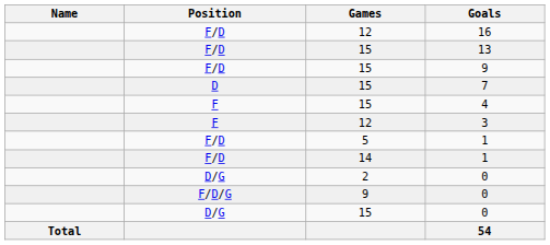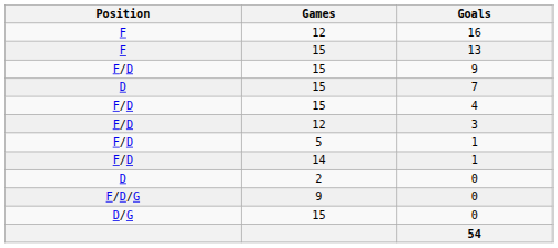 <table class="wikitable sortable" width ="40%">
 <tr align="center">
-<th><strong>Name</strong></th>
 <th><strong>Position</strong></th>
 <th><strong>Games</strong></th>
 <th><strong>Goals</strong></th>
 </tr>
 <tr align="center" bgcolor="">
-<td></td>
-<td><a href='#'>F</a>/<a href='#'>D</a></td>
+<td><a href='#'>F</a></td>
 <td>12</td>
 <td>16</td>
 </tr>
 <tr align="center" bgcolor="f0f0f0">
-<td></td>
-<td><a href='#'>F</a>/<a href='#'>D</a></td>
+<td><a href='#'>F</a></td>
 <td>15</td>
 <td>13</td>
 </tr>
 <tr align="center" bgcolor="">
-<td></td>
 <td><a href='#'>F</a>/<a href='#'>D</a></td>
 <td>15</td>
 <td>9</td>
 </tr>
 <tr align="center" bgcolor="f0f0f0">
-<td></td>
 <td><a href='#'>D</a></td>
 <td>15</td>
 <td>7</td>
 </tr>
 <tr align="center" bgcolor="">
-<td></td>
-<td><a href='#'>F</a></td>
+<td><a href='#'>F</a>/<a href='#'>D</a></td>
 <td>15</td>
 <td>4</td>
 </tr>
 <tr align="center" bgcolor="f0f0f0">
-<td></td>
-<td><a href='#'>F</a></td>
+<td><a href='#'>F</a>/<a href='#'>D</a></td>
 <td>12</td>
 <td>3</td>
 </tr>
 <tr align="center" bgcolor="">
-<td></td>
 <td><a href='#'>F</a>/<a href='#'>D</a></td>
 <td>5</td>
 <td>1</td>
 </tr>
 <tr align="center" bgcolor="f0f0f0">
-<td></td>
 <td><a href='#'>F</a>/<a href='#'>D</a></td>
 <td>14</td>
 <td>1</td>
 </tr>
 <tr align="center" bgcolor="">
-<td></td>
-<td><a href='#'>D</a>/<a href='#'>G</a></td>
+<td><a href='#'>D</a></td>
 <td>2</td>
 <td>0</td>
 </tr>
 <tr align="center" bgcolor="f0f0f0">
-<td></td>
 <td><a href='#'>F</a>/<a href='#'>D</a>/<a href='#'>G</a></td>
 <td>9</td>
 <td>0</td>
 </tr>
 <tr align="center" bgcolor="">
-<td></td>
 <td><a href='#'>D</a>/<a href='#'>G</a></td>
 <td>15</td>
 <td>0</td>
 </tr>
 <tr>
-<th>Total</th>
 <th></th>
 <th></th>
 <th>54</th>
 </tr>
 </table>
